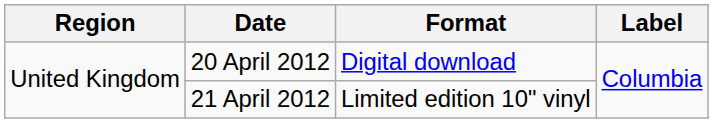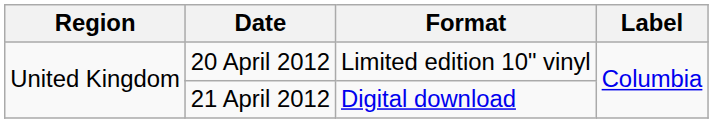 <table class=wikitable>
 <tr>
 <th>Region</th>
 <th>Date</th>
 <th>Format</th>
 <th>Label</th>
 </tr>
 <tr>
 <td rowspan="2">United Kingdom</td>
 <td>20 April 2012</td>
-<td><a href='#'>Digital download</a></td>
+<td>Limited edition 10" vinyl</td>
 <td rowspan="2"><a href='#'>Columbia</a></td>
 </tr>
 <tr>
 <td>21 April 2012</td>
-<td>Limited edition 10" vinyl</td>
+<td><a href='#'>Digital download</a></td>
 </tr>
 </table>
